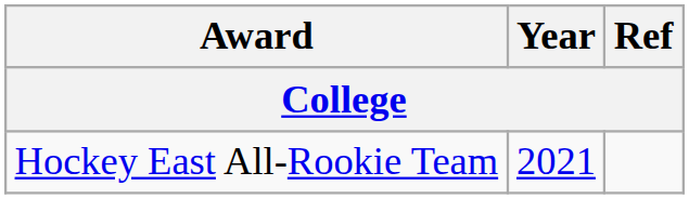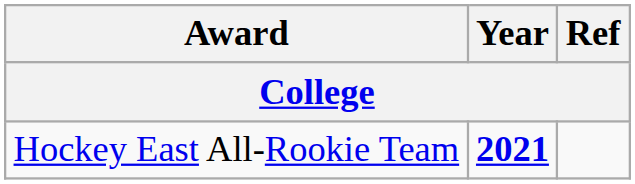 <table class="wikitable">
 <tr>
 <th>Award</th>
 <th>Year</th>
 <th>Ref</th>
 </tr>
 <tr ALIGN="center" bgcolor="#e0e0e0">
 <th colspan="3"><a href='#'>College</a></th>
 </tr>
 <tr>
 <td><a href='#'>Hockey East</a> All-<a href='#'>Rookie Team</a></td>
-<td><a href='#'>2021</a></td>
+<td><strong><a href='#'>2021</a></strong></td>
 <td></td>
 </tr>
 </table>
